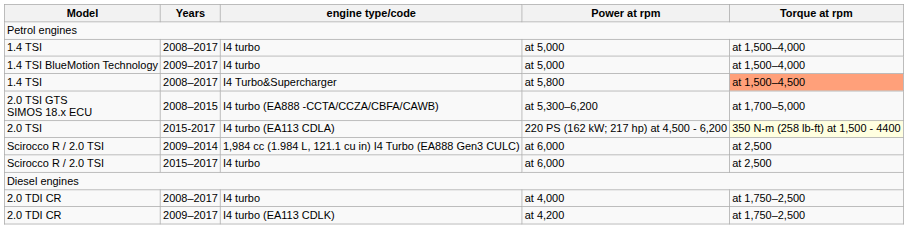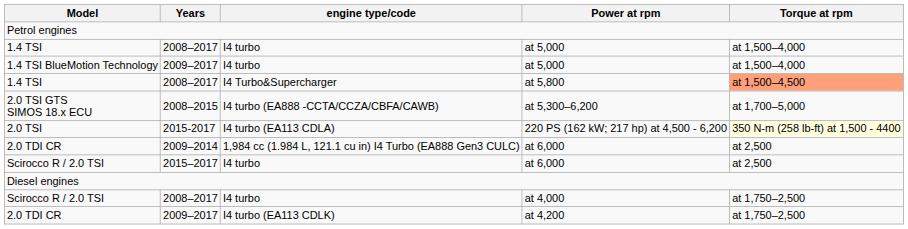 <table class="wikitable" style="font-size: 90%;">
 <tr>
 <th>Model</th>
 <th>Years</th>
 <th>engine type/code</th>
 <th>Power at rpm</th>
 <th>Torque at rpm</th>
 </tr>
 <tr>
 <td colspan="6">Petrol engines</td>
 </tr>
 <tr>
 <td>1.4 TSI</td>
 <td>2008–2017</td>
 <td> I4 turbo</td>
 <td> at 5,000</td>
 <td> at 1,500–4,000</td>
 </tr>
 <tr>
 <td>1.4 TSI BlueMotion Technology</td>
 <td>2009–2017</td>
 <td> I4 turbo</td>
 <td> at 5,000</td>
 <td> at 1,500–4,000</td>
 </tr>
 <tr>
 <td>1.4 TSI</td>
 <td>2008–2017</td>
 <td> I4 Turbo&Supercharger</td>
 <td> at 5,800</td>
 <td style="background: lightsalmon;"> at 1,500–4,500</td>
 </tr>
 <tr>
 <td>2.0 TSI GTS<br>SIMOS 18.x ECU</td>
 <td>2008–2015</td>
 <td> I4 turbo (EA888 -CCTA/CCZA/CBFA/CAWB)</td>
 <td> at 5,300–6,200</td>
 <td> at 1,700–5,000</td>
 </tr>
 <tr>
 <td>2.0 TSI</td>
 <td>2015-2017</td>
 <td> I4 turbo (EA113 CDLA)</td>
 <td>220 PS (162 kW; 217 hp) at 4,500 - 6,200</td>
 <td style="background: lightyellow;">350 N-m (258 lb-ft) at 1,500 - 4400</td>
 </tr>
 <tr>
-<td>Scirocco R / 2.0 TSI</td>
+<td>2.0 TDI CR</td>
 <td>2009–2014</td>
 <td>1,984 cc (1.984 L, 121.1 cu in) I4 Turbo (EA888 Gen3 CULC)</td>
 <td> at 6,000</td>
 <td> at 2,500</td>
 </tr>
 <tr>
 <td>Scirocco R / 2.0 TSI</td>
 <td>2015–2017</td>
 <td> I4 turbo</td>
 <td> at 6,000</td>
 <td> at 2,500</td>
 </tr>
 <tr>
 <td colspan="6">Diesel engines</td>
 </tr>
 <tr>
-<td>2.0 TDI CR</td>
+<td>Scirocco R / 2.0 TSI</td>
 <td>2008–2017</td>
 <td> I4 turbo</td>
 <td> at 4,000</td>
 <td> at 1,750–2,500</td>
 </tr>
 <tr>
 <td>2.0 TDI CR</td>
 <td>2009–2017</td>
 <td> I4 turbo (EA113 CDLK)</td>
 <td> at 4,200</td>
 <td> at 1,750–2,500</td>
 </tr>
 </table>
